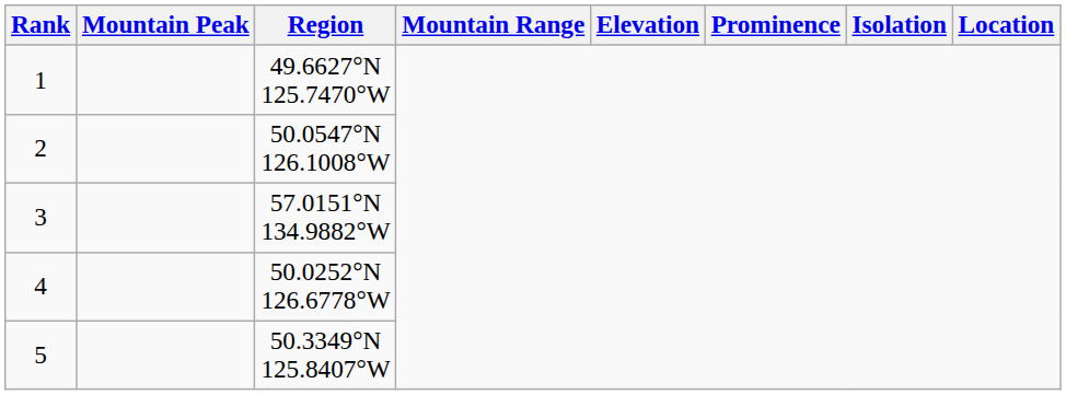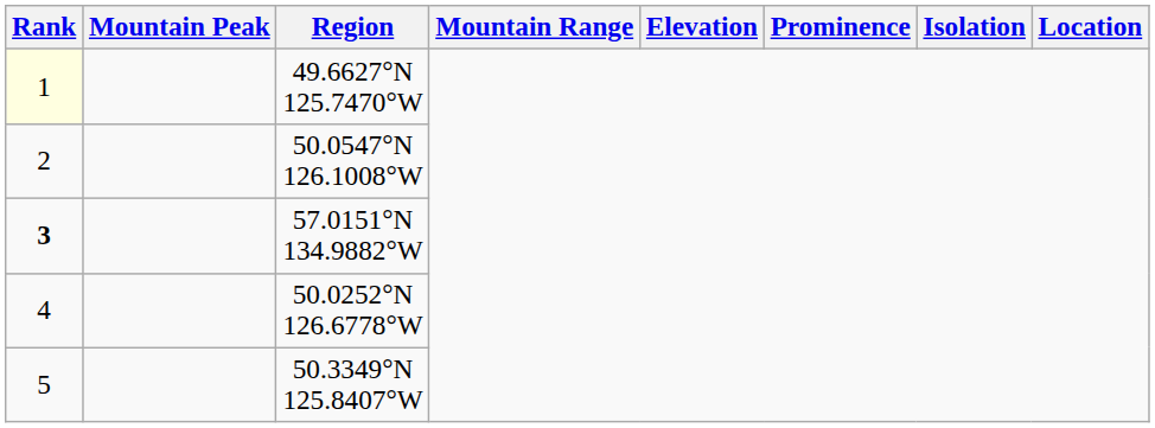 <table class="wikitable sortable">
 <tr>
 <th><a href='#'>Rank</a></th>
 <th><a href='#'>Mountain Peak</a></th>
 <th><a href='#'>Region</a></th>
 <th><a href='#'>Mountain Range</a></th>
 <th><a href='#'>Elevation</a></th>
 <th><a href='#'>Prominence</a></th>
 <th><a href='#'>Isolation</a></th>
 <th><a href='#'>Location</a></th>
 </tr>
 <tr>
-<td align=center>1<br></td>
+<td align=center style="background: lightyellow;">1<br></td>
 <td><br> </td>
 <td align=center>49.6627°N<br>125.7470°W</td>
 </tr>
 <tr>
 <td align=center>2<br></td>
 <td><br> </td>
 <td align=center>50.0547°N<br>126.1008°W</td>
 </tr>
 <tr>
-<td align=center>3<br></td>
+<td align=center><strong>3<br></strong></td>
 <td><br> </td>
 <td align=center>57.0151°N<br>134.9882°W</td>
 </tr>
 <tr>
 <td align=center>4<br></td>
 <td><br> </td>
 <td align=center>50.0252°N<br>126.6778°W</td>
 </tr>
 <tr>
 <td align=center>5<br></td>
 <td><br> </td>
 <td align=center>50.3349°N<br>125.8407°W</td>
 </tr>
 </table>
